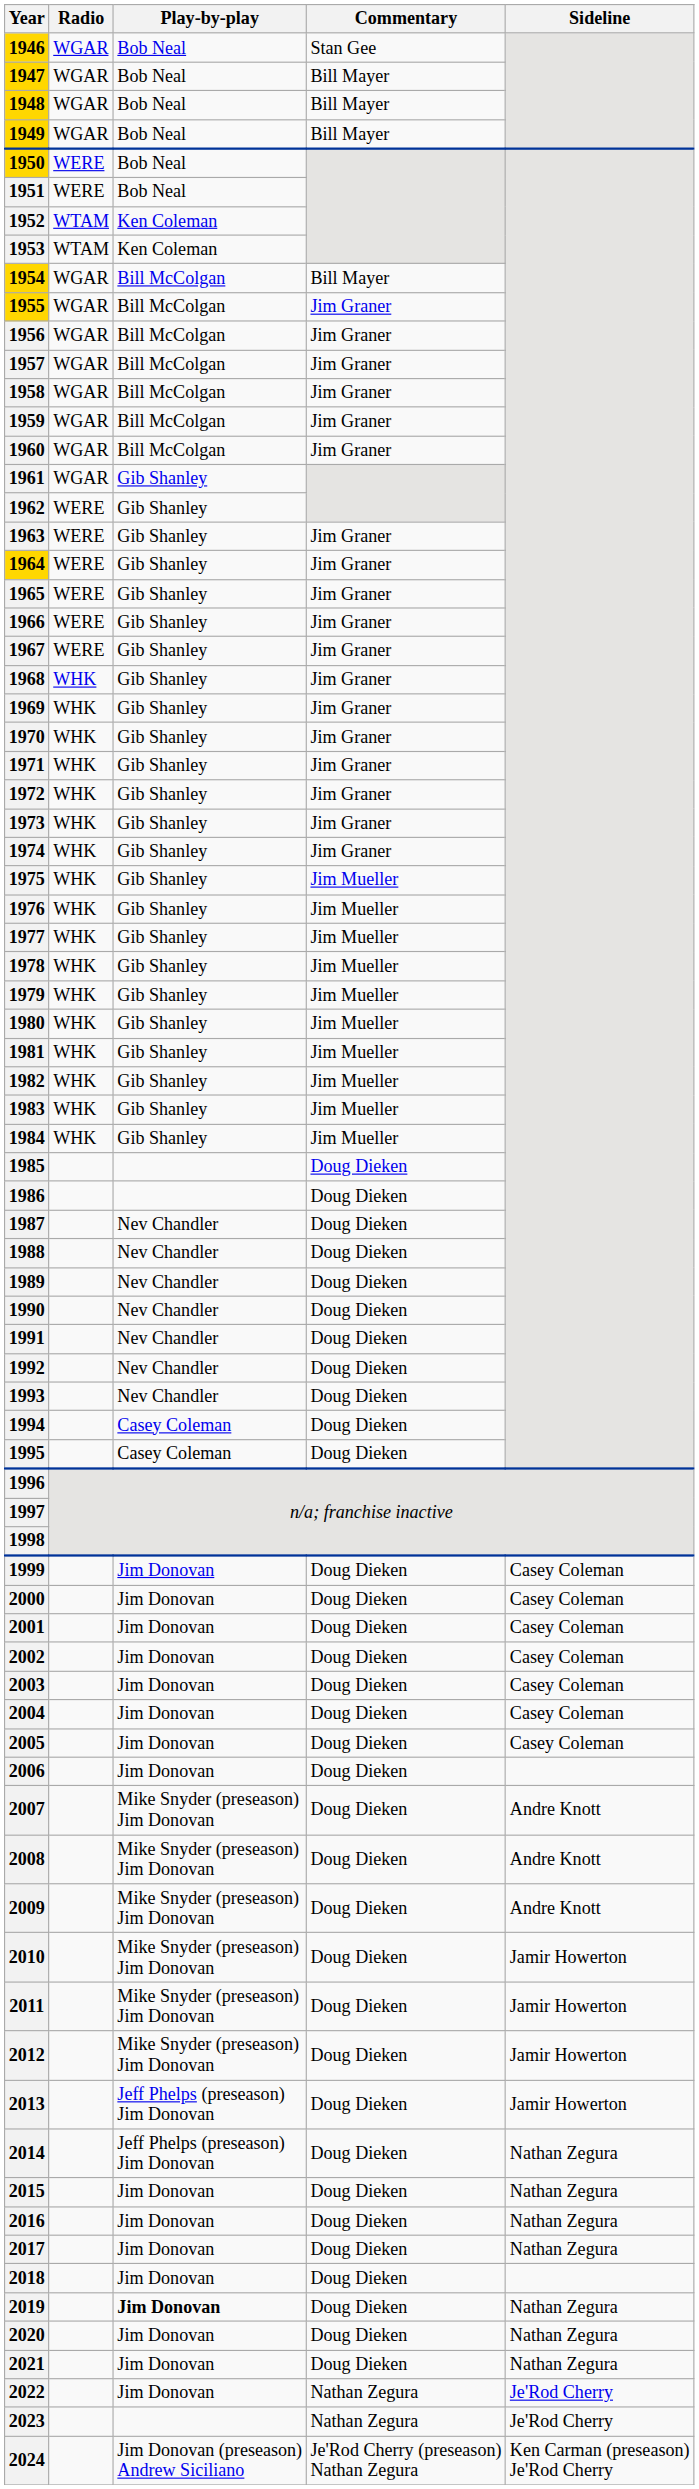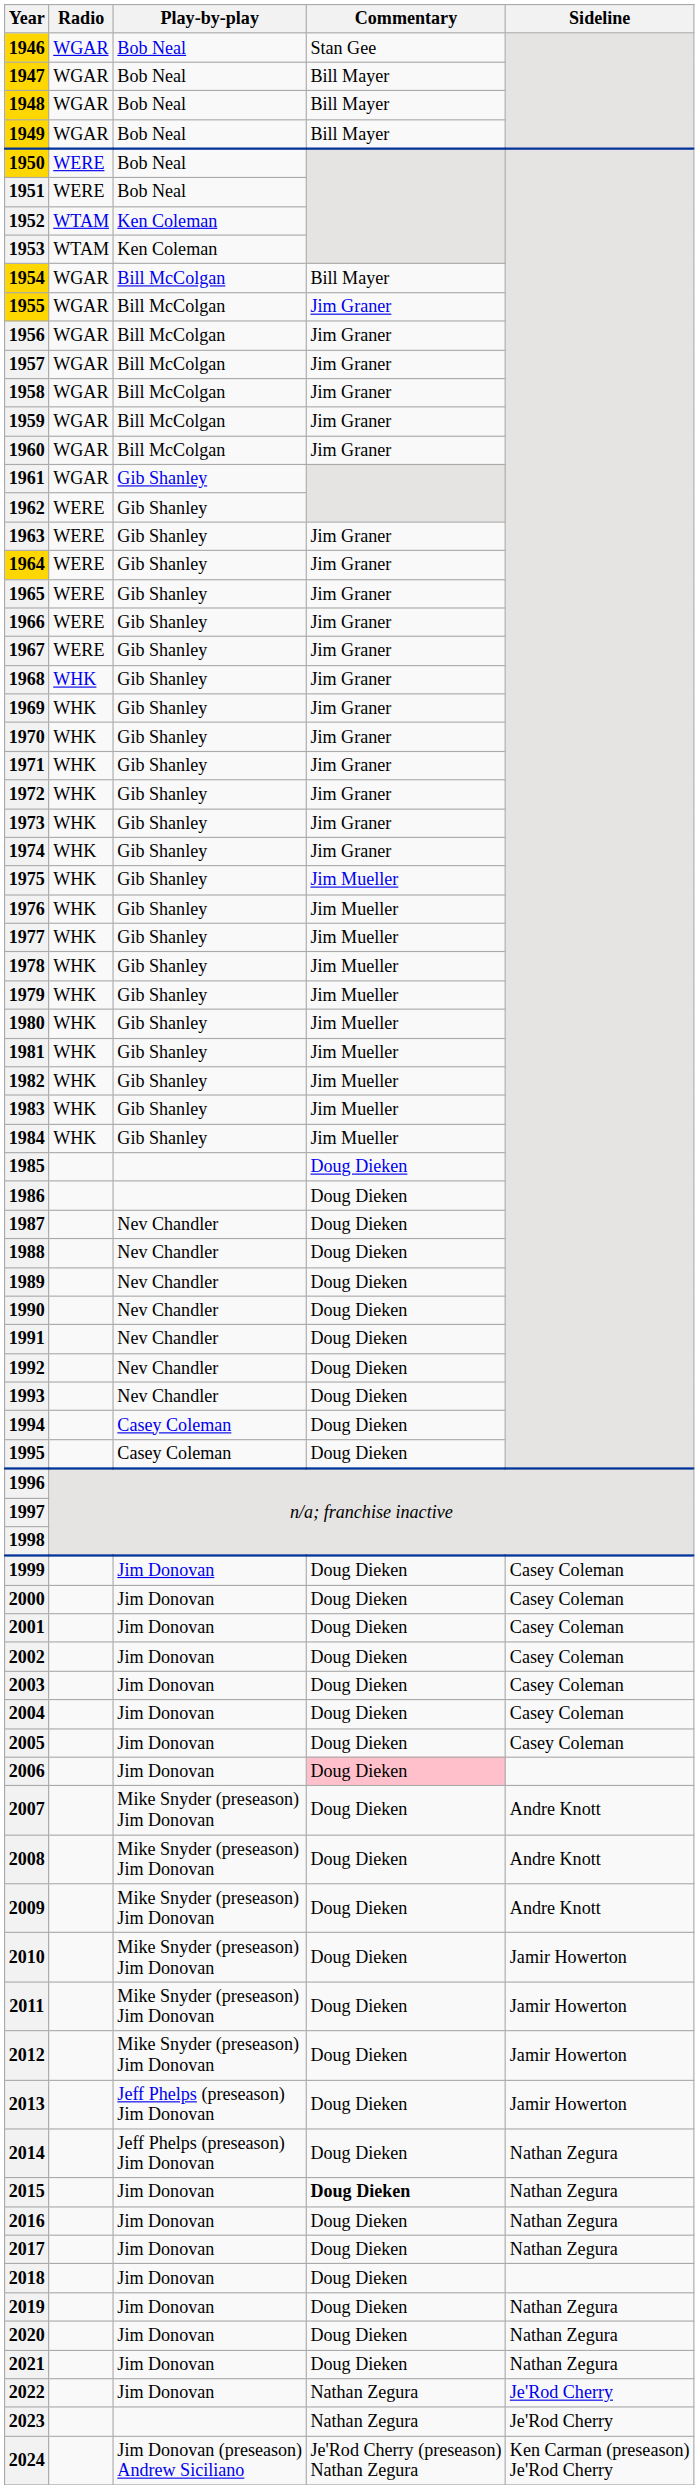 <table class="wikitable">
 <tr>
 <th scope = "col">Year</th>
 <th scope = "col">Radio</th>
 <th scope = "col">Play-by-play</th>
 <th scope = "col">Commentary</th>
 <th scope = "col">Sideline</th>
 </tr>
 <tr>
 <th scope="row" style="background-color:gold">1946</th>
 <td><a href='#'>WGAR</a></td>
 <td><a href='#'>Bob Neal</a></td>
 <td>Stan Gee</td>
 <td rowspan="4" style="background-color:#e5e4e2;"></td>
 </tr>
 <tr>
 <th scope="row" style="background-color:gold">1947</th>
 <td>WGAR</td>
 <td>Bob Neal</td>
 <td>Bill Mayer</td>
 </tr>
 <tr>
 <th scope="row" style="background-color:gold">1948</th>
 <td>WGAR</td>
 <td>Bob Neal</td>
 <td>Bill Mayer</td>
 </tr>
 <tr>
 <th scope="row" style="background-color:gold">1949</th>
 <td>WGAR</td>
 <td>Bob Neal</td>
 <td>Bill Mayer</td>
 </tr>
 <tr style="border-top: 2px solid #003399;">
 <th scope="row" style="background-color:gold">1950</th>
 <td><a href='#'>WERE</a></td>
 <td>Bob Neal</td>
 <td rowspan="4" style="background-color:#e5e4e2;"></td>
 <td rowspan="46" style="background-color:#e5e4e2;"></td>
 </tr>
 <tr>
 <th scope="row">1951</th>
 <td>WERE</td>
 <td>Bob Neal</td>
 </tr>
 <tr>
 <th scope="row">1952</th>
 <td><a href='#'>WTAM</a></td>
 <td><a href='#'>Ken Coleman</a></td>
 </tr>
 <tr>
 <th scope="row">1953</th>
 <td>WTAM</td>
 <td>Ken Coleman</td>
 </tr>
 <tr>
 <th scope="row" style="background-color:gold">1954</th>
 <td>WGAR</td>
 <td><a href='#'>Bill McColgan</a></td>
 <td>Bill Mayer</td>
 </tr>
 <tr>
 <th scope="row" style="background-color:gold">1955</th>
 <td>WGAR</td>
 <td>Bill McColgan</td>
 <td><a href='#'>Jim Graner</a></td>
 </tr>
 <tr>
 <th scope="row">1956</th>
 <td>WGAR</td>
 <td>Bill McColgan</td>
 <td>Jim Graner</td>
 </tr>
 <tr>
 <th scope="row">1957</th>
 <td>WGAR</td>
 <td>Bill McColgan</td>
 <td>Jim Graner</td>
 </tr>
 <tr>
 <th scope="row">1958</th>
 <td>WGAR</td>
 <td>Bill McColgan</td>
 <td>Jim Graner</td>
 </tr>
 <tr>
 <th scope="row">1959</th>
 <td>WGAR</td>
 <td>Bill McColgan</td>
 <td>Jim Graner</td>
 </tr>
 <tr>
 <th scope="row">1960</th>
 <td>WGAR</td>
 <td>Bill McColgan</td>
 <td>Jim Graner</td>
 </tr>
 <tr>
 <th scope="row">1961</th>
 <td>WGAR</td>
 <td><a href='#'>Gib Shanley</a></td>
 <td rowspan="2" style="background-color:#e5e4e2;"></td>
 </tr>
 <tr>
 <th scope="row">1962</th>
 <td>WERE</td>
 <td>Gib Shanley</td>
 </tr>
 <tr>
 <th scope="row">1963</th>
 <td>WERE</td>
 <td>Gib Shanley</td>
 <td>Jim Graner</td>
 </tr>
 <tr>
 <th scope="row" style="background-color:gold">1964</th>
 <td>WERE</td>
 <td>Gib Shanley</td>
 <td>Jim Graner</td>
 </tr>
 <tr>
 <th scope="row">1965</th>
 <td>WERE</td>
 <td>Gib Shanley</td>
 <td>Jim Graner</td>
 </tr>
 <tr>
 <th scope="row">1966</th>
 <td>WERE</td>
 <td>Gib Shanley</td>
 <td>Jim Graner</td>
 </tr>
 <tr>
 <th scope="row">1967</th>
 <td>WERE</td>
 <td>Gib Shanley</td>
 <td>Jim Graner</td>
 </tr>
 <tr>
 <th scope="row">1968</th>
 <td><a href='#'>WHK</a></td>
 <td>Gib Shanley</td>
 <td>Jim Graner</td>
 </tr>
 <tr>
 <th scope="row">1969</th>
 <td>WHK</td>
 <td>Gib Shanley</td>
 <td>Jim Graner</td>
 </tr>
 <tr>
 <th scope="row">1970</th>
 <td>WHK</td>
 <td>Gib Shanley</td>
 <td>Jim Graner</td>
 </tr>
 <tr>
 <th scope="row">1971</th>
 <td>WHK</td>
 <td>Gib Shanley</td>
 <td>Jim Graner</td>
 </tr>
 <tr>
 <th scope="row">1972</th>
 <td>WHK</td>
 <td>Gib Shanley</td>
 <td>Jim Graner</td>
 </tr>
 <tr>
 <th scope="row">1973</th>
 <td>WHK</td>
 <td>Gib Shanley</td>
 <td>Jim Graner</td>
 </tr>
 <tr>
 <th scope="row">1974</th>
 <td>WHK</td>
 <td>Gib Shanley</td>
 <td>Jim Graner</td>
 </tr>
 <tr>
 <th scope="row">1975</th>
 <td>WHK</td>
 <td>Gib Shanley</td>
 <td><a href='#'>Jim Mueller</a></td>
 </tr>
 <tr>
 <th scope="row">1976</th>
 <td>WHK</td>
 <td>Gib Shanley</td>
 <td>Jim Mueller</td>
 </tr>
 <tr>
 <th scope="row">1977</th>
 <td>WHK</td>
 <td>Gib Shanley</td>
 <td>Jim Mueller</td>
 </tr>
 <tr>
 <th scope="row">1978</th>
 <td>WHK</td>
 <td>Gib Shanley</td>
 <td>Jim Mueller</td>
 </tr>
 <tr>
 <th scope="row">1979</th>
 <td>WHK</td>
 <td>Gib Shanley</td>
 <td>Jim Mueller</td>
 </tr>
 <tr>
 <th scope="row">1980</th>
 <td>WHK</td>
 <td>Gib Shanley</td>
 <td>Jim Mueller</td>
 </tr>
 <tr>
 <th scope="row">1981</th>
 <td>WHK</td>
 <td>Gib Shanley</td>
 <td>Jim Mueller</td>
 </tr>
 <tr>
 <th scope="row">1982</th>
 <td>WHK</td>
 <td>Gib Shanley</td>
 <td>Jim Mueller</td>
 </tr>
 <tr>
 <th scope="row">1983</th>
 <td>WHK</td>
 <td>Gib Shanley</td>
 <td>Jim Mueller</td>
 </tr>
 <tr>
 <th scope="row">1984</th>
 <td>WHK</td>
 <td>Gib Shanley</td>
 <td>Jim Mueller</td>
 </tr>
 <tr>
 <th scope="row">1985</th>
 <td></td>
 <td></td>
 <td><a href='#'>Doug Dieken</a></td>
 </tr>
 <tr>
 <th scope="row">1986</th>
 <td></td>
 <td></td>
 <td>Doug Dieken</td>
 </tr>
 <tr>
 <th scope="row">1987</th>
 <td></td>
 <td>Nev Chandler</td>
 <td>Doug Dieken</td>
 </tr>
 <tr>
 <th scope="row">1988</th>
 <td></td>
 <td>Nev Chandler</td>
 <td>Doug Dieken</td>
 </tr>
 <tr>
 <th scope="row">1989</th>
 <td></td>
 <td>Nev Chandler</td>
 <td>Doug Dieken</td>
 </tr>
 <tr>
 <th scope="row">1990</th>
 <td></td>
 <td>Nev Chandler</td>
 <td>Doug Dieken</td>
 </tr>
 <tr>
 <th scope="row">1991</th>
 <td></td>
 <td>Nev Chandler</td>
 <td>Doug Dieken</td>
 </tr>
 <tr>
 <th scope="row">1992</th>
 <td></td>
 <td>Nev Chandler</td>
 <td>Doug Dieken</td>
 </tr>
 <tr>
 <th scope="row">1993</th>
 <td></td>
 <td>Nev Chandler</td>
 <td>Doug Dieken</td>
 </tr>
 <tr>
 <th scope="row">1994</th>
 <td></td>
 <td><a href='#'>Casey Coleman</a></td>
 <td>Doug Dieken</td>
 </tr>
 <tr>
 <th scope="row">1995</th>
 <td></td>
 <td>Casey Coleman</td>
 <td>Doug Dieken</td>
 </tr>
 <tr style="background-color:#e5e4e2; border-top: 2px solid #003399;">
 <th scope="row">1996</th>
 <td colspan="4" rowspan="3" style="text-align:center;"><em>n/a; franchise inactive</em></td>
 </tr>
 <tr>
 <th scope="row">1997</th>
 </tr>
 <tr>
 <th scope="row">1998</th>
 </tr>
 <tr style="border-top: 2px solid #003399;">
 <th scope="row">1999</th>
 <td></td>
 <td><a href='#'>Jim Donovan</a></td>
 <td>Doug Dieken</td>
 <td>Casey Coleman</td>
 </tr>
 <tr>
 <th scope="row">2000</th>
 <td></td>
 <td>Jim Donovan</td>
 <td>Doug Dieken</td>
 <td>Casey Coleman</td>
 </tr>
 <tr>
 <th scope="row">2001</th>
 <td></td>
 <td>Jim Donovan</td>
 <td>Doug Dieken</td>
 <td>Casey Coleman</td>
 </tr>
 <tr>
 <th scope="row">2002</th>
 <td></td>
 <td>Jim Donovan</td>
 <td>Doug Dieken</td>
 <td>Casey Coleman</td>
 </tr>
 <tr>
 <th scope="row">2003</th>
 <td></td>
 <td>Jim Donovan</td>
 <td>Doug Dieken</td>
 <td>Casey Coleman</td>
 </tr>
 <tr>
 <th scope="row">2004</th>
 <td></td>
 <td>Jim Donovan</td>
 <td>Doug Dieken</td>
 <td>Casey Coleman</td>
 </tr>
 <tr>
 <th scope="row">2005</th>
 <td></td>
 <td>Jim Donovan</td>
 <td>Doug Dieken</td>
 <td>Casey Coleman</td>
 </tr>
 <tr>
 <th scope="row">2006</th>
 <td></td>
 <td>Jim Donovan</td>
-<td>Doug Dieken</td>
+<td style="background: pink;">Doug Dieken</td>
 <td></td>
 </tr>
 <tr>
 <th scope="row">2007</th>
 <td></td>
 <td>Mike Snyder (preseason)<br>Jim Donovan</td>
 <td>Doug Dieken</td>
 <td>Andre Knott</td>
 </tr>
 <tr>
 <th scope="row">2008</th>
 <td></td>
 <td>Mike Snyder (preseason)<br>Jim Donovan</td>
 <td>Doug Dieken</td>
 <td>Andre Knott</td>
 </tr>
 <tr>
 <th scope="row">2009</th>
 <td></td>
 <td>Mike Snyder (preseason)<br>Jim Donovan</td>
 <td>Doug Dieken</td>
 <td>Andre Knott</td>
 </tr>
 <tr>
 <th scope="row">2010</th>
 <td></td>
 <td>Mike Snyder (preseason)<br>Jim Donovan</td>
 <td>Doug Dieken</td>
 <td>Jamir Howerton</td>
 </tr>
 <tr>
 <th scope="row">2011</th>
 <td></td>
 <td>Mike Snyder (preseason)<br>Jim Donovan</td>
 <td>Doug Dieken</td>
 <td>Jamir Howerton</td>
 </tr>
 <tr>
 <th scope="row">2012</th>
 <td></td>
 <td>Mike Snyder (preseason)<br>Jim Donovan</td>
 <td>Doug Dieken</td>
 <td>Jamir Howerton</td>
 </tr>
 <tr>
 <th scope="row">2013</th>
 <td></td>
 <td><a href='#'>Jeff Phelps</a> (preseason)<br>Jim Donovan</td>
 <td>Doug Dieken</td>
 <td>Jamir Howerton</td>
 </tr>
 <tr>
 <th scope="row">2014</th>
 <td></td>
 <td>Jeff Phelps (preseason)<br>Jim Donovan</td>
 <td>Doug Dieken</td>
 <td>Nathan Zegura</td>
 </tr>
 <tr>
 <th scope="row">2015</th>
 <td></td>
 <td>Jim Donovan</td>
-<td>Doug Dieken</td>
+<td><strong>Doug Dieken</strong></td>
 <td>Nathan Zegura</td>
 </tr>
 <tr>
 <th scope="row">2016</th>
 <td></td>
 <td>Jim Donovan</td>
 <td>Doug Dieken</td>
 <td>Nathan Zegura</td>
 </tr>
 <tr>
 <th scope="row">2017</th>
 <td></td>
 <td>Jim Donovan</td>
 <td>Doug Dieken</td>
 <td>Nathan Zegura</td>
 </tr>
 <tr>
 <th scope="row">2018</th>
 <td></td>
 <td>Jim Donovan</td>
 <td>Doug Dieken</td>
 <td></td>
 </tr>
 <tr>
 <th scope="row">2019</th>
 <td></td>
-<td><strong>Jim Donovan</strong></td>
+<td>Jim Donovan</td>
 <td>Doug Dieken</td>
 <td>Nathan Zegura</td>
 </tr>
 <tr>
 <th scope="row">2020</th>
 <td></td>
 <td>Jim Donovan</td>
 <td>Doug Dieken</td>
 <td>Nathan Zegura</td>
 </tr>
 <tr>
 <th scope="row">2021</th>
 <td></td>
 <td>Jim Donovan</td>
 <td>Doug Dieken</td>
 <td>Nathan Zegura</td>
 </tr>
 <tr>
 <th scope="row">2022</th>
 <td></td>
 <td>Jim Donovan</td>
 <td>Nathan Zegura</td>
 <td><a href='#'>Je'Rod Cherry</a></td>
 </tr>
 <tr>
 <th scope="row">2023</th>
 <td></td>
 <td></td>
 <td>Nathan Zegura</td>
 <td>Je'Rod Cherry</td>
 </tr>
 <tr>
 <th scope="row">2024</th>
 <td></td>
 <td>Jim Donovan (preseason)<br><a href='#'>Andrew Siciliano</a></td>
 <td>Je'Rod Cherry (preseason)<br>Nathan Zegura</td>
 <td>Ken Carman (preseason)<br>Je'Rod Cherry</td>
 </tr>
 </table>
